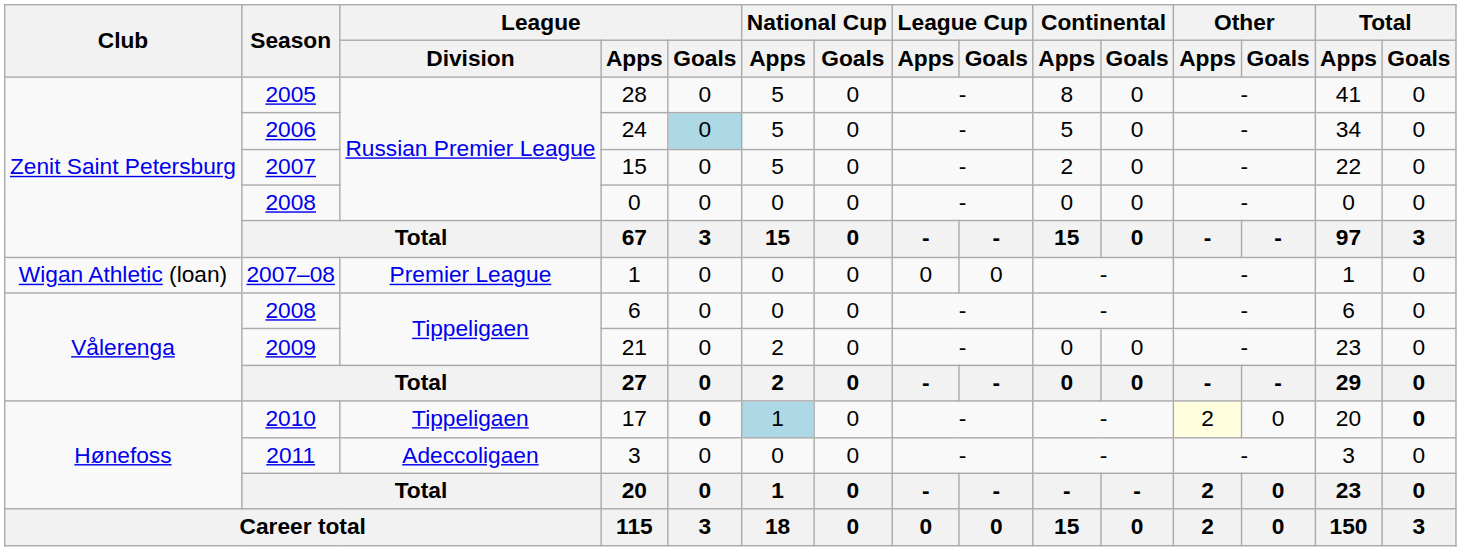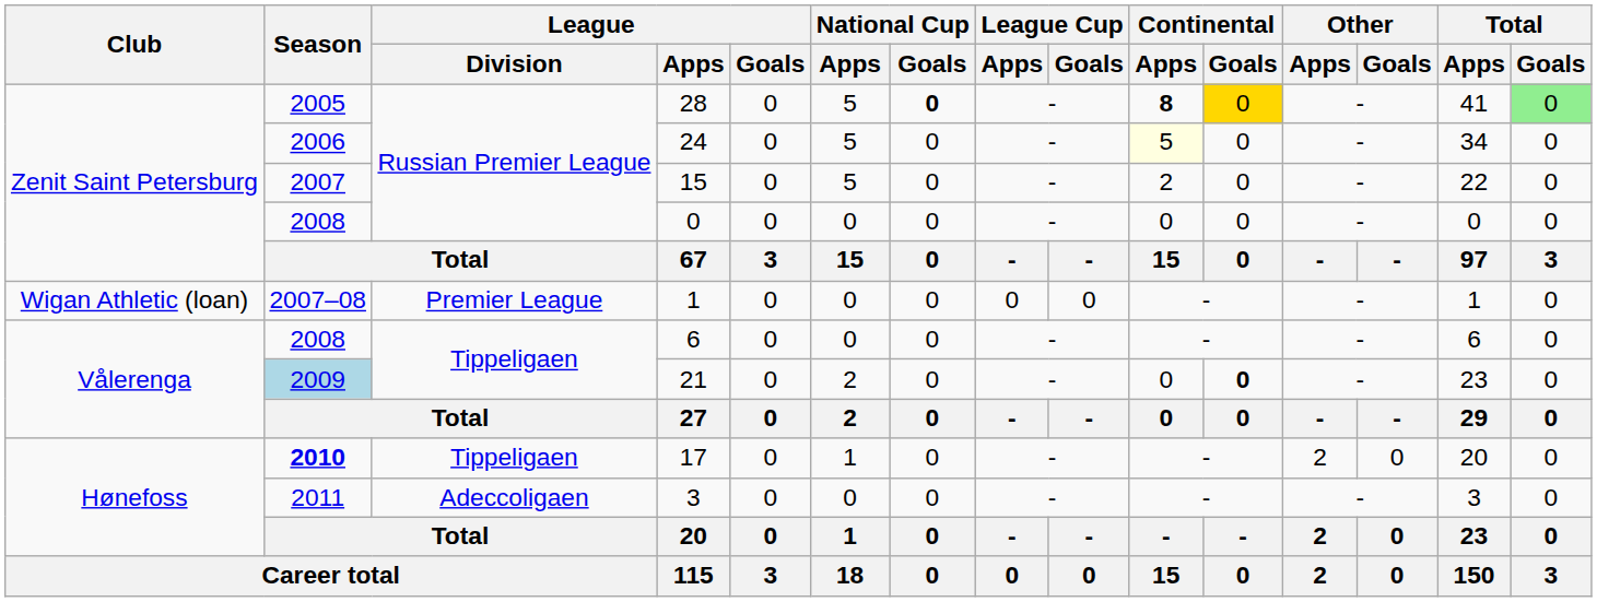 <table class="wikitable" style="text-align: center;">
 <tr>
 <th rowspan="2">Club</th>
 <th rowspan="2">Season</th>
 <th colspan="3">League</th>
 <th colspan="2">National Cup</th>
 <th colspan="2">League Cup</th>
 <th colspan="2">Continental</th>
 <th colspan="2">Other</th>
 <th colspan="2">Total</th>
 </tr>
 <tr>
 <th>Division</th>
 <th>Apps</th>
 <th>Goals</th>
 <th>Apps</th>
 <th>Goals</th>
 <th>Apps</th>
 <th>Goals</th>
 <th>Apps</th>
 <th>Goals</th>
 <th>Apps</th>
 <th>Goals</th>
 <th>Apps</th>
 <th>Goals</th>
 </tr>
 <tr>
 <td rowspan="5"><a href='#'>Zenit Saint Petersburg</a></td>
 <td><a href='#'>2005</a></td>
 <td rowspan="4"><a href='#'>Russian Premier League</a></td>
 <td>28</td>
 <td>0</td>
 <td>5</td>
-<td>0</td>
+<td><strong>0</strong></td>
 <td colspan="2">-</td>
-<td>8</td>
-<td>0</td>
+<td><strong>8</strong></td>
+<td style="background: gold;">0</td>
 <td colspan="2">-</td>
 <td>41</td>
-<td>0</td>
+<td style="background: lightgreen;">0</td>
 </tr>
 <tr>
 <td><a href='#'>2006</a></td>
 <td>24</td>
-<td style="background: lightblue;">0</td>
+<td>0</td>
 <td>5</td>
 <td>0</td>
 <td colspan="2">-</td>
-<td>5</td>
+<td style="background: lightyellow;">5</td>
 <td>0</td>
 <td colspan="2">-</td>
 <td>34</td>
 <td>0</td>
 </tr>
 <tr>
 <td><a href='#'>2007</a></td>
 <td>15</td>
 <td>0</td>
 <td>5</td>
 <td>0</td>
 <td colspan="2">-</td>
 <td>2</td>
 <td>0</td>
 <td colspan="2">-</td>
 <td>22</td>
 <td>0</td>
 </tr>
 <tr>
 <td><a href='#'>2008</a></td>
 <td>0</td>
 <td>0</td>
 <td>0</td>
 <td>0</td>
 <td colspan="2">-</td>
 <td>0</td>
 <td>0</td>
 <td colspan="2">-</td>
 <td>0</td>
 <td>0</td>
 </tr>
 <tr>
 <th colspan="2">Total</th>
 <th>67</th>
 <th>3</th>
 <th>15</th>
 <th>0</th>
 <th>-</th>
 <th>-</th>
 <th>15</th>
 <th>0</th>
 <th>-</th>
 <th>-</th>
 <th>97</th>
 <th>3</th>
 </tr>
 <tr>
 <td><a href='#'>Wigan Athletic</a> (loan)</td>
 <td><a href='#'>2007–08</a></td>
 <td><a href='#'>Premier League</a></td>
 <td>1</td>
 <td>0</td>
 <td>0</td>
 <td>0</td>
 <td>0</td>
 <td>0</td>
 <td colspan="2">-</td>
 <td colspan="2">-</td>
 <td>1</td>
 <td>0</td>
 </tr>
 <tr>
 <td rowspan="3"><a href='#'>Vålerenga</a></td>
 <td><a href='#'>2008</a></td>
 <td rowspan="2"><a href='#'>Tippeligaen</a></td>
 <td>6</td>
 <td>0</td>
 <td>0</td>
 <td>0</td>
 <td colspan="2">-</td>
 <td colspan="2">-</td>
 <td colspan="2">-</td>
 <td>6</td>
 <td>0</td>
 </tr>
 <tr>
-<td><a href='#'>2009</a></td>
+<td style="background: lightblue;"><a href='#'>2009</a></td>
 <td>21</td>
 <td>0</td>
 <td>2</td>
 <td>0</td>
 <td colspan="2">-</td>
 <td>0</td>
-<td>0</td>
+<td><strong>0</strong></td>
 <td colspan="2">-</td>
 <td>23</td>
 <td>0</td>
 </tr>
 <tr>
 <th colspan="2">Total</th>
 <th>27</th>
 <th>0</th>
 <th>2</th>
 <th>0</th>
 <th>-</th>
 <th>-</th>
 <th>0</th>
 <th>0</th>
 <th>-</th>
 <th>-</th>
 <th>29</th>
 <th>0</th>
 </tr>
 <tr>
 <td rowspan="3"><a href='#'>Hønefoss</a></td>
-<td><a href='#'>2010</a></td>
+<td><strong><a href='#'>2010</a></strong></td>
 <td><a href='#'>Tippeligaen</a></td>
 <td>17</td>
-<td><strong>0</strong></td>
-<td style="background: lightblue;">1</td>
+<td>0</td>
+<td>1</td>
 <td>0</td>
 <td colspan="2">-</td>
 <td colspan="2">-</td>
-<td style="background: lightyellow;">2</td>
+<td>2</td>
 <td>0</td>
 <td>20</td>
-<td><strong>0</strong></td>
+<td>0</td>
 </tr>
 <tr>
 <td><a href='#'>2011</a></td>
 <td><a href='#'>Adeccoligaen</a></td>
 <td>3</td>
 <td>0</td>
 <td>0</td>
 <td>0</td>
 <td colspan="2">-</td>
 <td colspan="2">-</td>
 <td colspan="2">-</td>
 <td>3</td>
 <td>0</td>
 </tr>
 <tr>
 <th colspan="2">Total</th>
 <th>20</th>
 <th>0</th>
 <th>1</th>
 <th>0</th>
 <th>-</th>
 <th>-</th>
 <th>-</th>
 <th>-</th>
 <th>2</th>
 <th>0</th>
 <th>23</th>
 <th>0</th>
 </tr>
 <tr>
 <th colspan="3">Career total</th>
 <th>115</th>
 <th>3</th>
 <th>18</th>
 <th>0</th>
 <th>0</th>
 <th>0</th>
 <th>15</th>
 <th>0</th>
 <th>2</th>
 <th>0</th>
 <th>150</th>
 <th>3</th>
 </tr>
 </table>
